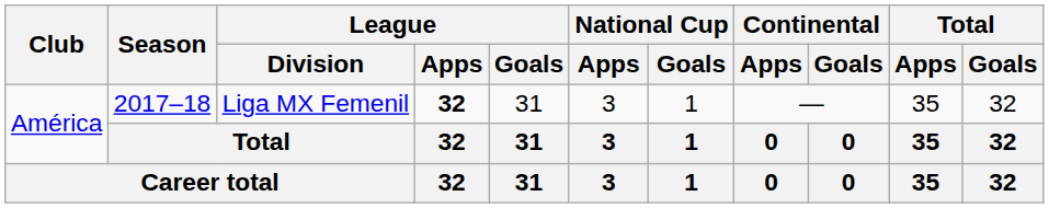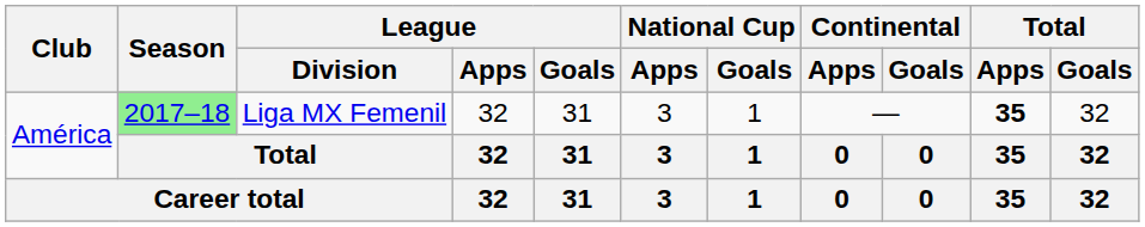 <table class="wikitable" style="text-align:center">
 <tr>
 <th rowspan="2">Club</th>
 <th rowspan="2">Season</th>
 <th colspan="3">League</th>
 <th colspan="2">National Cup</th>
 <th colspan="2">Continental</th>
 <th colspan="2">Total</th>
 </tr>
 <tr>
 <th>Division</th>
 <th>Apps</th>
 <th>Goals</th>
 <th>Apps</th>
 <th>Goals</th>
 <th>Apps</th>
 <th>Goals</th>
 <th>Apps</th>
 <th>Goals</th>
 </tr>
 <tr>
 <td rowspan="2"><a href='#'>América</a></td>
-<td><a href='#'>2017–18</a></td>
+<td style="background: lightgreen;"><a href='#'>2017–18</a></td>
 <td rowspan="1"><a href='#'>Liga MX Femenil</a></td>
-<td><strong>32</strong></td>
+<td>32</td>
 <td>31</td>
 <td>3</td>
 <td>1</td>
 <td colspan="2">—</td>
-<td>35</td>
+<td><strong>35</strong></td>
 <td>32</td>
 </tr>
 <tr>
 <th colspan="2">Total</th>
 <th>32</th>
 <th>31</th>
 <th>3</th>
 <th>1</th>
 <th>0</th>
 <th>0</th>
 <th>35</th>
 <th>32</th>
 </tr>
 <tr>
 <th colspan="3">Career total</th>
 <th>32</th>
 <th>31</th>
 <th>3</th>
 <th>1</th>
 <th>0</th>
 <th>0</th>
 <th>35</th>
 <th>32</th>
 </tr>
 </table>
